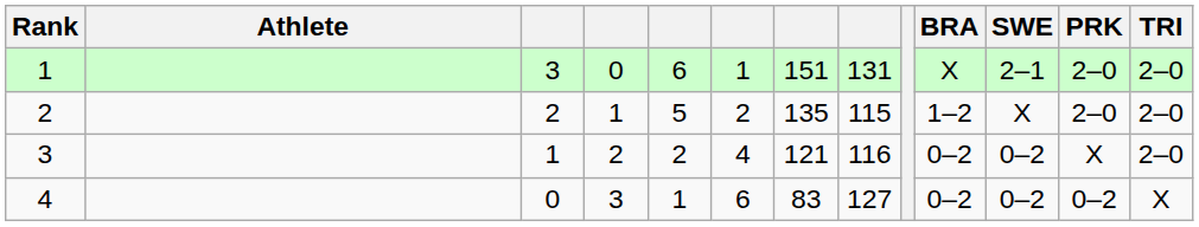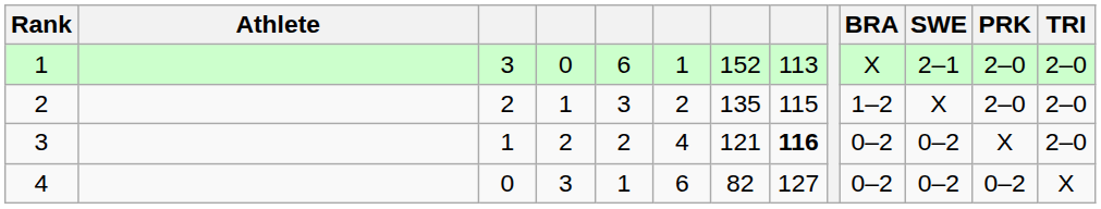 <table class="wikitable" style="text-align:center">
 <tr>
 <th>Rank</th>
 <th width=250>Athlete</th>
 <th width=30></th>
 <th width=30></th>
 <th width=30></th>
 <th width=30></th>
 <th width=30></th>
 <th width=30></th>
 <th rowspan=5></th>
 <th width=30>BRA</th>
 <th width=30>SWE</th>
 <th width=30>PRK</th>
 <th width=30>TRI</th>
 </tr>
 <tr style="background-color:#ccffcc;">
 <td>1</td>
 <td align=left></td>
 <td>3</td>
 <td>0</td>
 <td>6</td>
 <td>1</td>
-<td>151</td>
-<td>131</td>
+<td>152</td>
+<td>113</td>
 <td>X</td>
 <td>2–1</td>
 <td>2–0</td>
 <td>2–0</td>
 </tr>
 <tr>
 <td>2</td>
 <td align=left></td>
 <td>2</td>
 <td>1</td>
-<td>5</td>
+<td>3</td>
 <td>2</td>
 <td>135</td>
 <td>115</td>
 <td>1–2</td>
 <td>X</td>
 <td>2–0</td>
 <td>2–0</td>
 </tr>
 <tr>
 <td>3</td>
 <td align=left></td>
 <td>1</td>
 <td>2</td>
 <td>2</td>
 <td>4</td>
 <td>121</td>
-<td>116</td>
+<td><strong>116</strong></td>
 <td>0–2</td>
 <td>0–2</td>
 <td>X</td>
 <td>2–0</td>
 </tr>
 <tr>
 <td>4</td>
 <td align=left></td>
 <td>0</td>
 <td>3</td>
 <td>1</td>
 <td>6</td>
-<td>83</td>
+<td>82</td>
 <td>127</td>
 <td>0–2</td>
 <td>0–2</td>
 <td>0–2</td>
 <td>X</td>
 </tr>
 </table>
